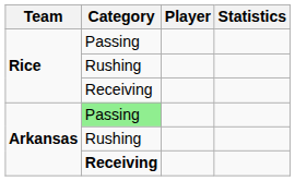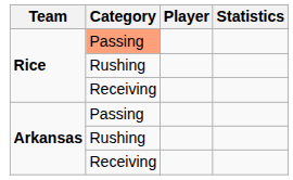 <table class="wikitable" style="float: right;">
 <tr>
 <th>Team</th>
 <th>Category</th>
 <th>Player</th>
 <th>Statistics</th>
 </tr>
 <tr>
 <td rowspan=3><strong>Rice</strong></td>
-<td>Passing</td>
+<td style="background: lightsalmon;">Passing</td>
 <td></td>
 <td></td>
 </tr>
 <tr>
 <td>Rushing</td>
 <td></td>
 <td></td>
 </tr>
 <tr>
 <td>Receiving</td>
 <td></td>
 <td></td>
 </tr>
 <tr>
 <td rowspan=3><strong>Arkansas</strong></td>
-<td style="background: lightgreen;">Passing</td>
+<td>Passing</td>
 <td></td>
 <td></td>
 </tr>
 <tr>
 <td>Rushing</td>
 <td></td>
 <td></td>
 </tr>
 <tr>
-<td><strong>Receiving</strong></td>
+<td>Receiving</td>
 <td></td>
 <td></td>
 </tr>
 </table>
